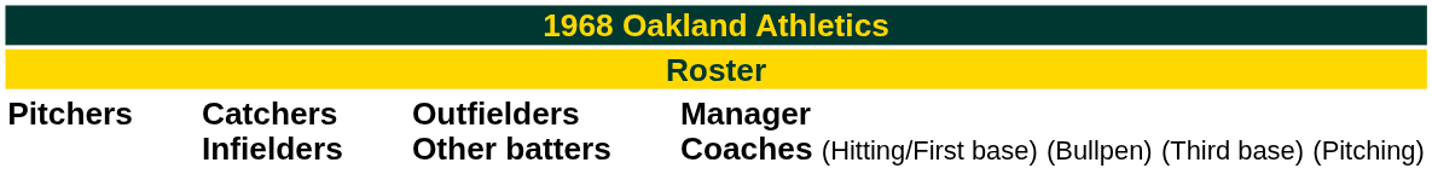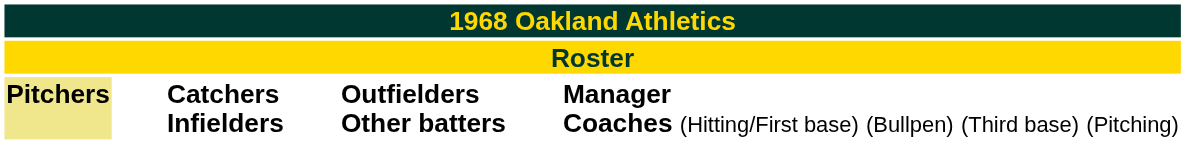 <table class="toccolours" style="font-size: 95%;">
 <tr>
 <th colspan="10" style="background-color: #003831; color: #FFD800; text-align: center;">1968 Oakland Athletics</th>
 </tr>
 <tr>
 <td colspan="10" style="background-color: #FFD800; color: #003831; text-align: center;"><strong>Roster</strong></td>
 </tr>
 <tr>
-<td valign="top"><strong>Pitchers</strong><br>             </td>
+<td valign="top" style="background: khaki;"><strong>Pitchers</strong><br>             </td>
 <td width="25px"></td>
 <td valign="top"><strong>Catchers</strong><br>    <strong>Infielders</strong>       </td>
 <td width="25px"></td>
 <td valign="top"><strong>Outfielders</strong><br>        <strong>Other batters</strong> </td>
 <td width="25px"></td>
 <td valign="top"><strong>Manager</strong><br> <strong>Coaches</strong>  <small>(Hitting/First base)</small>  <small>(Bullpen)</small>  <small>(Third base)</small>  <small>(Pitching)</small></td>
 </tr>
 </table>
